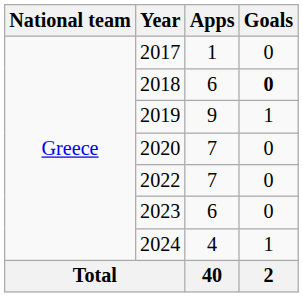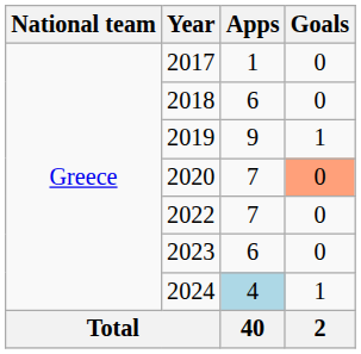 <table class="wikitable" style="text-align: center;">
 <tr>
 <th>National team</th>
 <th>Year</th>
 <th>Apps</th>
 <th>Goals</th>
 </tr>
 <tr>
 <td rowspan="7" valign="center"><a href='#'>Greece</a></td>
 <td>2017</td>
 <td>1</td>
 <td>0</td>
 </tr>
 <tr>
 <td>2018</td>
 <td>6</td>
-<td><strong>0</strong></td>
+<td>0</td>
 </tr>
 <tr>
 <td>2019</td>
 <td>9</td>
 <td>1</td>
 </tr>
 <tr>
 <td>2020</td>
 <td>7</td>
-<td>0</td>
+<td style="background: lightsalmon;">0</td>
 </tr>
 <tr>
 <td>2022</td>
 <td>7</td>
 <td>0</td>
 </tr>
 <tr>
 <td>2023</td>
 <td>6</td>
 <td>0</td>
 </tr>
 <tr>
 <td>2024</td>
-<td>4</td>
+<td style="background: lightblue;">4</td>
 <td>1</td>
 </tr>
 <tr>
 <th colspan="2">Total</th>
 <th>40</th>
 <th>2</th>
 </tr>
 </table>
